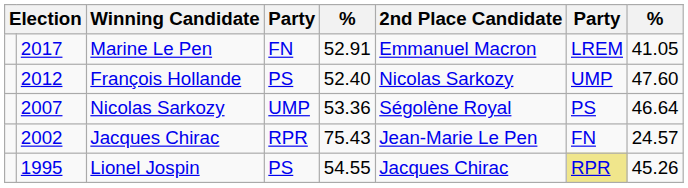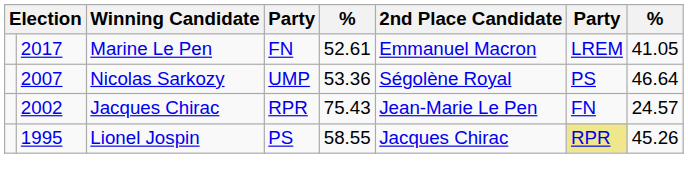 <table class="wikitable">
 <tr>
 <th colspan="2">Election</th>
 <th>Winning Candidate</th>
 <th>Party</th>
 <th>%</th>
 <th>2nd Place Candidate</th>
 <th>Party</th>
 <th>%</th>
 </tr>
 <tr>
 <td style="background-color: "></td>
 <td><a href='#'>2017</a></td>
 <td><a href='#'>Marine Le Pen</a></td>
 <td><a href='#'>FN</a></td>
-<td>52.91</td>
+<td>52.61</td>
 <td><a href='#'>Emmanuel Macron</a></td>
 <td><a href='#'>LREM</a></td>
 <td>41.05</td>
-</tr>
-<tr>
-<td style="background-color: "></td>
-<td><a href='#'>2012</a></td>
-<td><a href='#'>François Hollande</a></td>
-<td><a href='#'>PS</a></td>
-<td>52.40</td>
-<td><a href='#'>Nicolas Sarkozy</a></td>
-<td><a href='#'>UMP</a></td>
-<td>47.60</td>
 </tr>
 <tr>
 <td style="background-color: "></td>
 <td><a href='#'>2007</a></td>
 <td><a href='#'>Nicolas Sarkozy</a></td>
 <td><a href='#'>UMP</a></td>
 <td>53.36</td>
 <td><a href='#'>Ségolène Royal</a></td>
 <td><a href='#'>PS</a></td>
 <td>46.64</td>
 </tr>
 <tr>
 <td style="background-color: "></td>
 <td><a href='#'>2002</a></td>
 <td><a href='#'>Jacques Chirac</a></td>
 <td><a href='#'>RPR</a></td>
 <td>75.43</td>
 <td><a href='#'>Jean-Marie Le Pen</a></td>
 <td><a href='#'>FN</a></td>
 <td>24.57</td>
 </tr>
 <tr>
 <td style="background-color: "></td>
 <td><a href='#'>1995</a></td>
 <td><a href='#'>Lionel Jospin</a></td>
 <td><a href='#'>PS</a></td>
-<td>54.55</td>
+<td>58.55</td>
 <td><a href='#'>Jacques Chirac</a></td>
 <td style="background: khaki;"><a href='#'>RPR</a></td>
 <td>45.26</td>
 </tr>
 </table>
